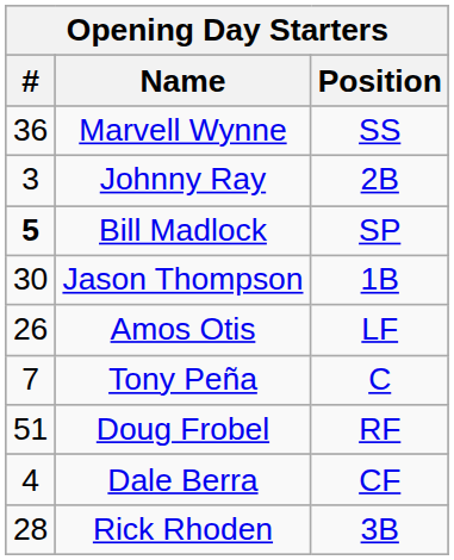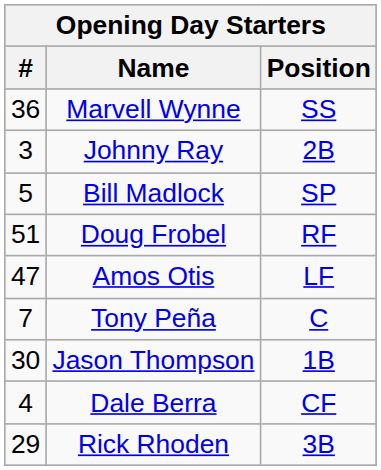 <table class="wikitable" style="text-align:center">
 <tr>
 <th colspan="3">Opening Day Starters</th>
 </tr>
 <tr>
 <th>#</th>
 <th>Name</th>
 <th>Position</th>
 </tr>
 <tr>
 <td>36</td>
 <td><a href='#'>Marvell Wynne</a></td>
 <td><a href='#'>SS</a></td>
 </tr>
 <tr>
 <td>3</td>
 <td><a href='#'>Johnny Ray</a></td>
 <td><a href='#'>2B</a></td>
 </tr>
 <tr>
-<td><strong>5</strong></td>
+<td>5</td>
 <td><a href='#'>Bill Madlock</a></td>
 <td><a href='#'>SP</a></td>
 </tr>
 <tr>
-<td>30</td>
-<td><a href='#'>Jason Thompson</a></td>
-<td><a href='#'>1B</a></td>
+<td>51</td>
+<td><a href='#'>Doug Frobel</a></td>
+<td><a href='#'>RF</a></td>
 </tr>
 <tr>
-<td>26</td>
+<td>47</td>
 <td><a href='#'>Amos Otis</a></td>
 <td><a href='#'>LF</a></td>
 </tr>
 <tr>
 <td>7</td>
 <td><a href='#'>Tony Peña</a></td>
 <td><a href='#'>C</a></td>
 </tr>
 <tr>
-<td>51</td>
-<td><a href='#'>Doug Frobel</a></td>
-<td><a href='#'>RF</a></td>
+<td>30</td>
+<td><a href='#'>Jason Thompson</a></td>
+<td><a href='#'>1B</a></td>
 </tr>
 <tr>
 <td>4</td>
 <td><a href='#'>Dale Berra</a></td>
 <td><a href='#'>CF</a></td>
 </tr>
 <tr>
-<td>28</td>
+<td>29</td>
 <td><a href='#'>Rick Rhoden</a></td>
 <td><a href='#'>3B</a></td>
 </tr>
 </table>
